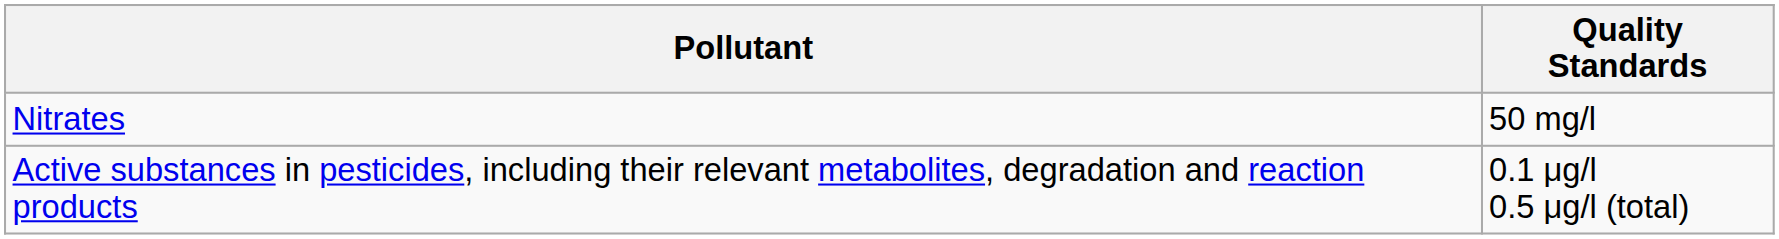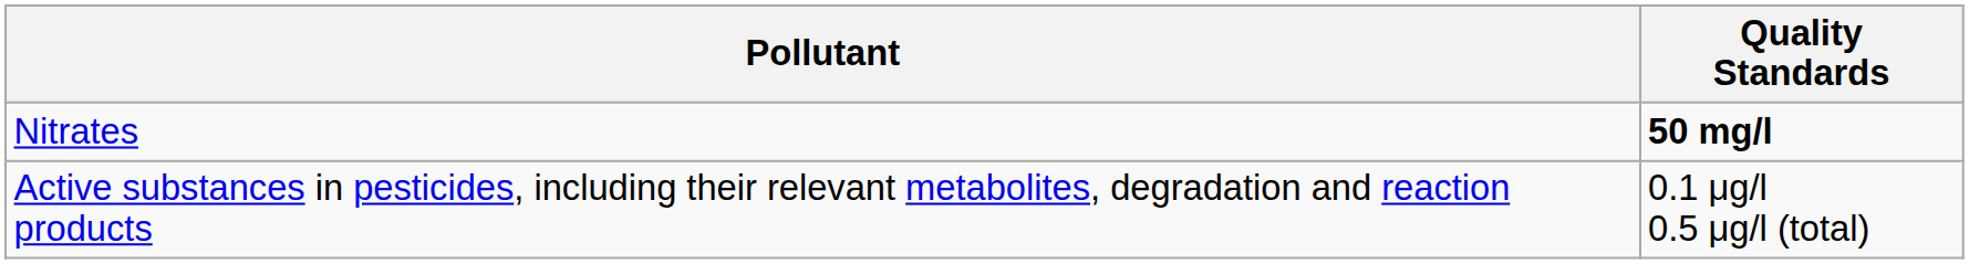 <table class="wikitable">
 <tr>
 <th>Pollutant</th>
 <th>Quality Standards</th>
 </tr>
 <tr>
 <td><a href='#'>Nitrates</a></td>
-<td>50 mg/l</td>
+<td><strong>50 mg/l</strong></td>
 </tr>
 <tr>
 <td><a href='#'>Active substances</a> in <a href='#'>pesticides</a>, including their relevant <a href='#'>metabolites</a>, degradation and <a href='#'>reaction products</a></td>
 <td>0.1 μg/l<br>0.5 μg/l (total)</td>
 </tr>
 </table>
